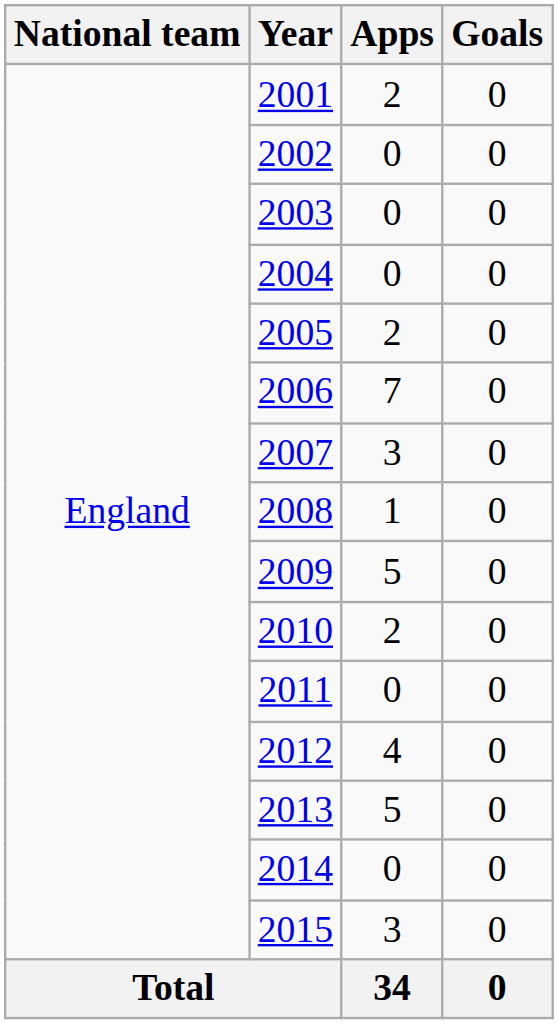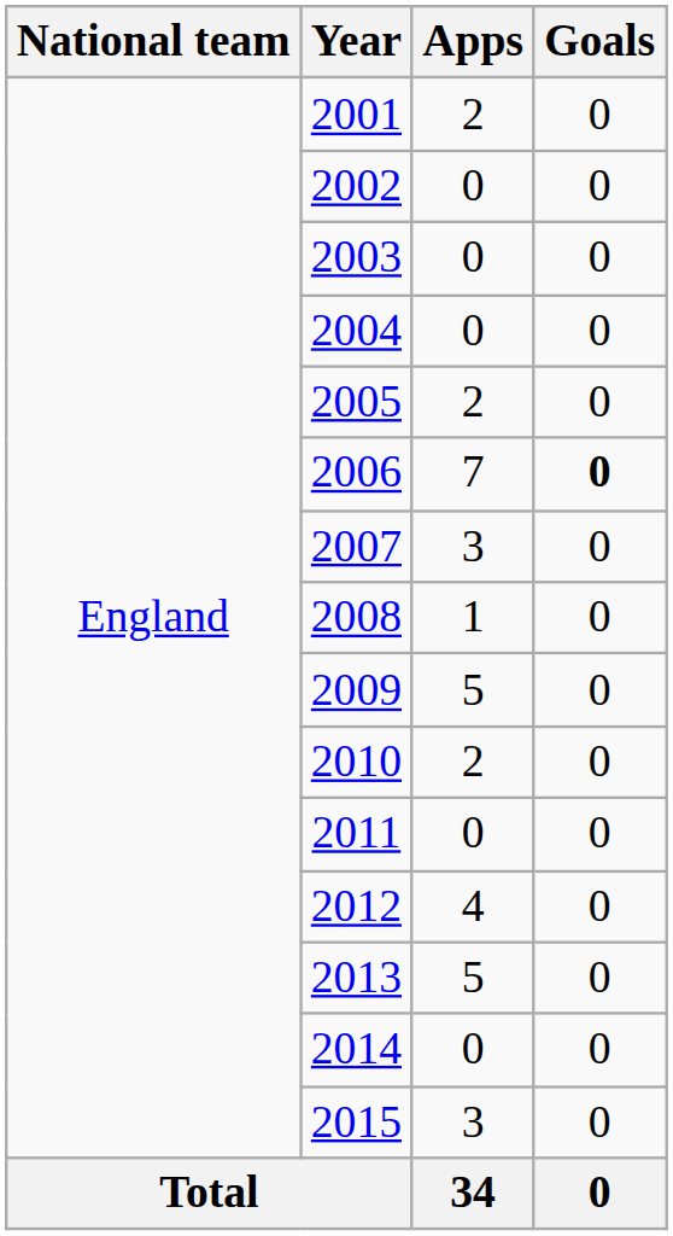 <table class="wikitable" style="text-align:center">
 <tr>
 <th>National team</th>
 <th>Year</th>
 <th>Apps</th>
 <th>Goals</th>
 </tr>
 <tr>
 <td rowspan="15"><a href='#'>England</a></td>
 <td><a href='#'>2001</a></td>
 <td>2</td>
 <td>0</td>
 </tr>
 <tr>
 <td><a href='#'>2002</a></td>
 <td>0</td>
 <td>0</td>
 </tr>
 <tr>
 <td><a href='#'>2003</a></td>
 <td>0</td>
 <td>0</td>
 </tr>
 <tr>
 <td><a href='#'>2004</a></td>
 <td>0</td>
 <td>0</td>
 </tr>
 <tr>
 <td><a href='#'>2005</a></td>
 <td>2</td>
 <td>0</td>
 </tr>
 <tr>
 <td><a href='#'>2006</a></td>
 <td>7</td>
-<td>0</td>
+<td><strong>0</strong></td>
 </tr>
 <tr>
 <td><a href='#'>2007</a></td>
 <td>3</td>
 <td>0</td>
 </tr>
 <tr>
 <td><a href='#'>2008</a></td>
 <td>1</td>
 <td>0</td>
 </tr>
 <tr>
 <td><a href='#'>2009</a></td>
 <td>5</td>
 <td>0</td>
 </tr>
 <tr>
 <td><a href='#'>2010</a></td>
 <td>2</td>
 <td>0</td>
 </tr>
 <tr>
 <td><a href='#'>2011</a></td>
 <td>0</td>
 <td>0</td>
 </tr>
 <tr>
 <td><a href='#'>2012</a></td>
 <td>4</td>
 <td>0</td>
 </tr>
 <tr>
 <td><a href='#'>2013</a></td>
 <td>5</td>
 <td>0</td>
 </tr>
 <tr>
 <td><a href='#'>2014</a></td>
 <td>0</td>
 <td>0</td>
 </tr>
 <tr>
 <td><a href='#'>2015</a></td>
 <td>3</td>
 <td>0</td>
 </tr>
 <tr>
 <th colspan="2">Total</th>
 <th>34</th>
 <th>0</th>
 </tr>
 </table>
